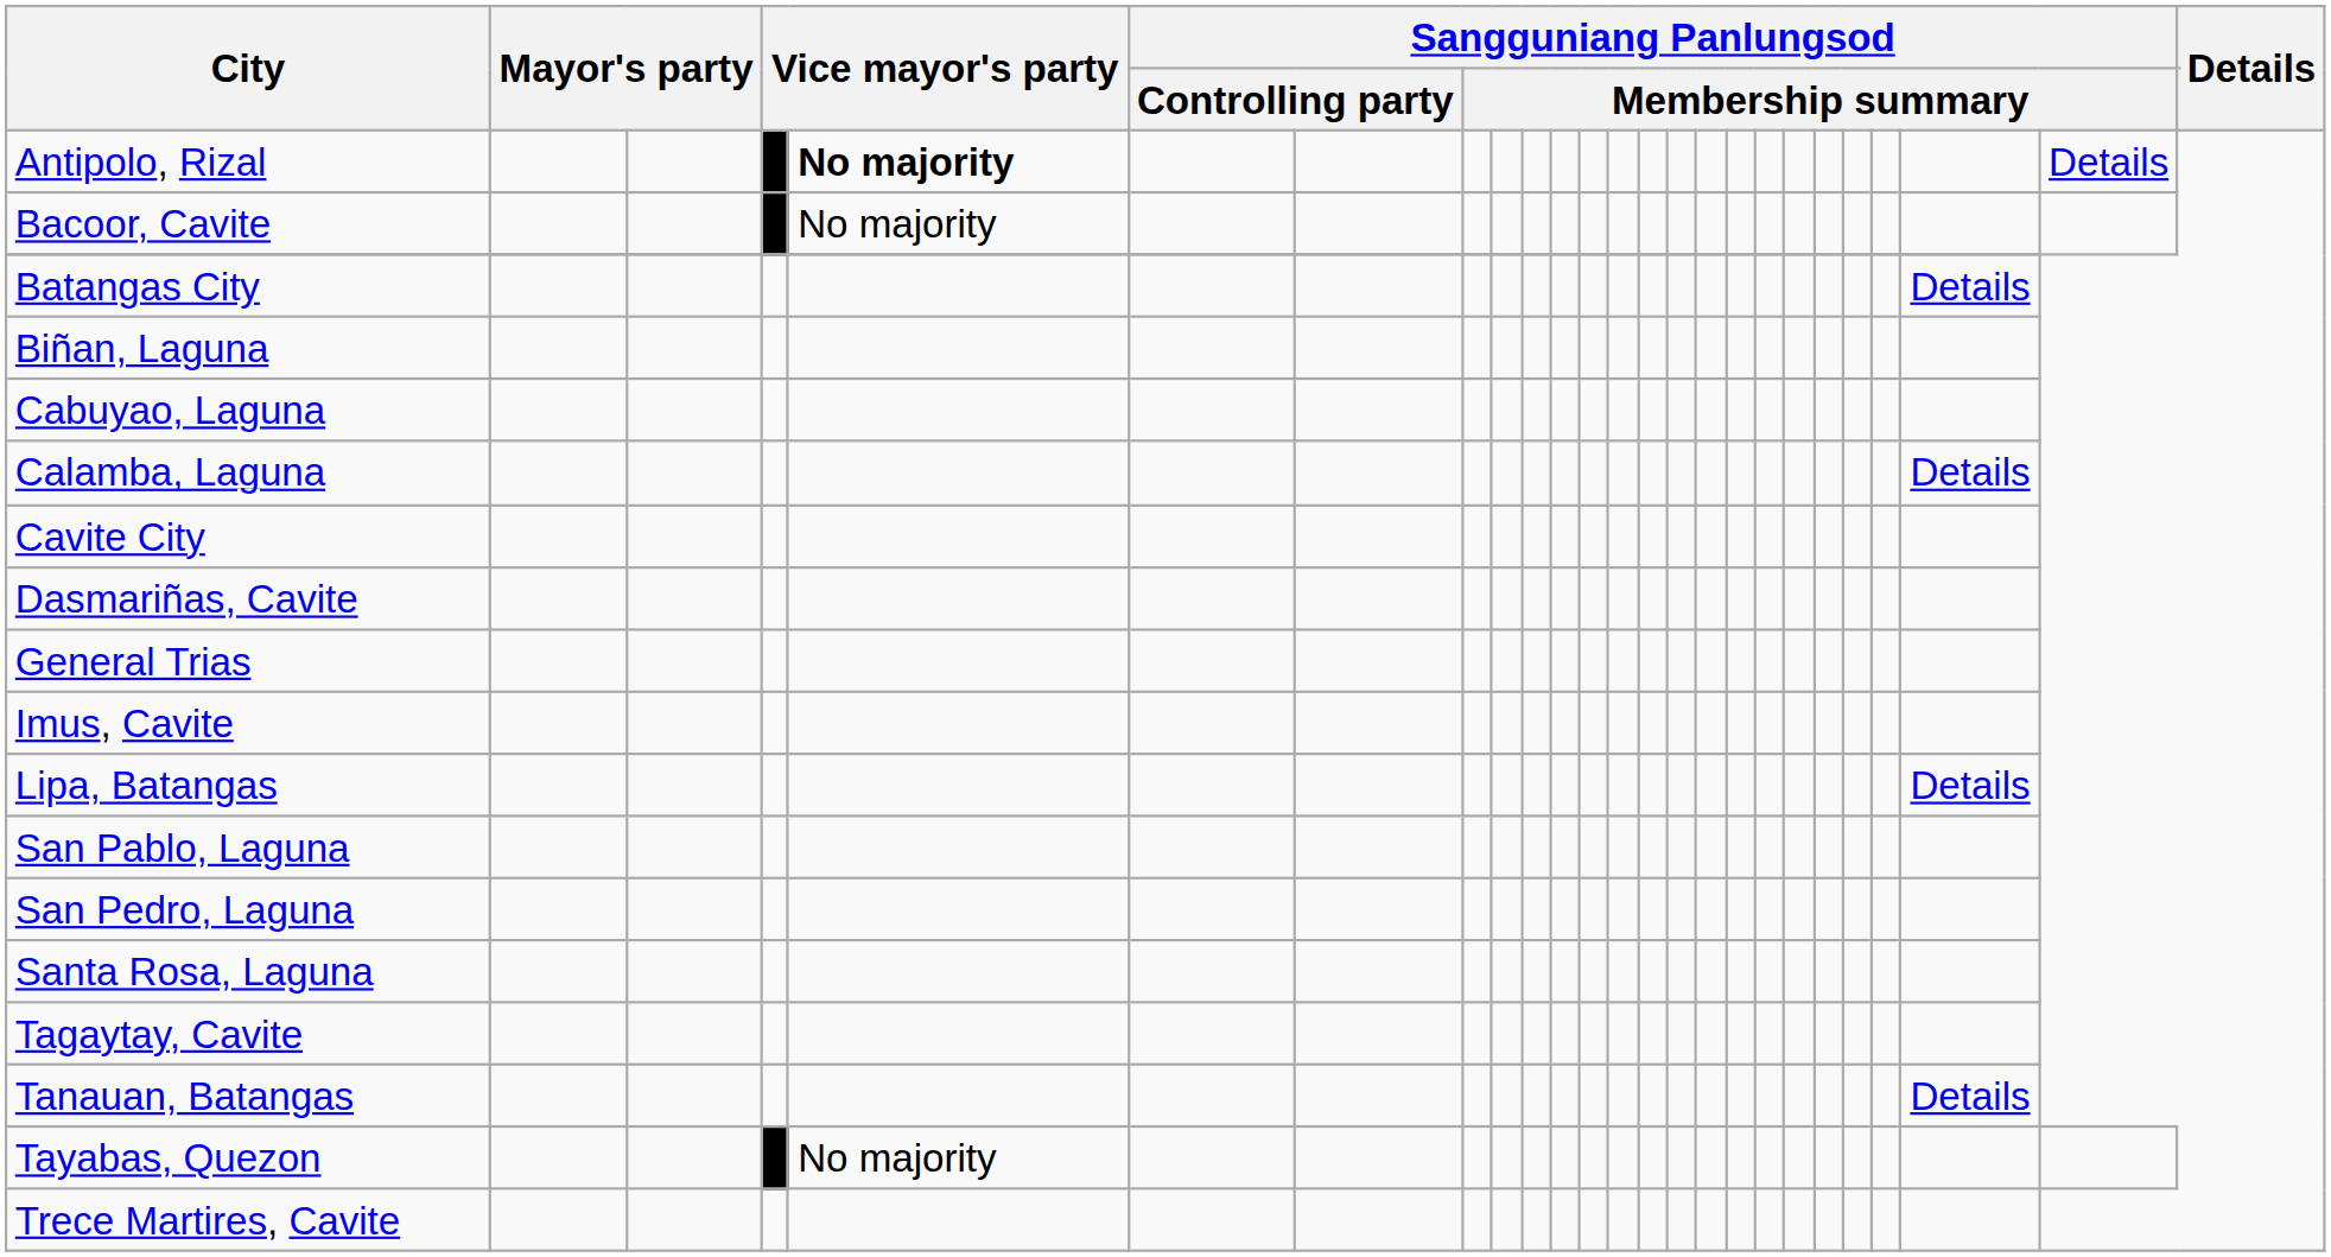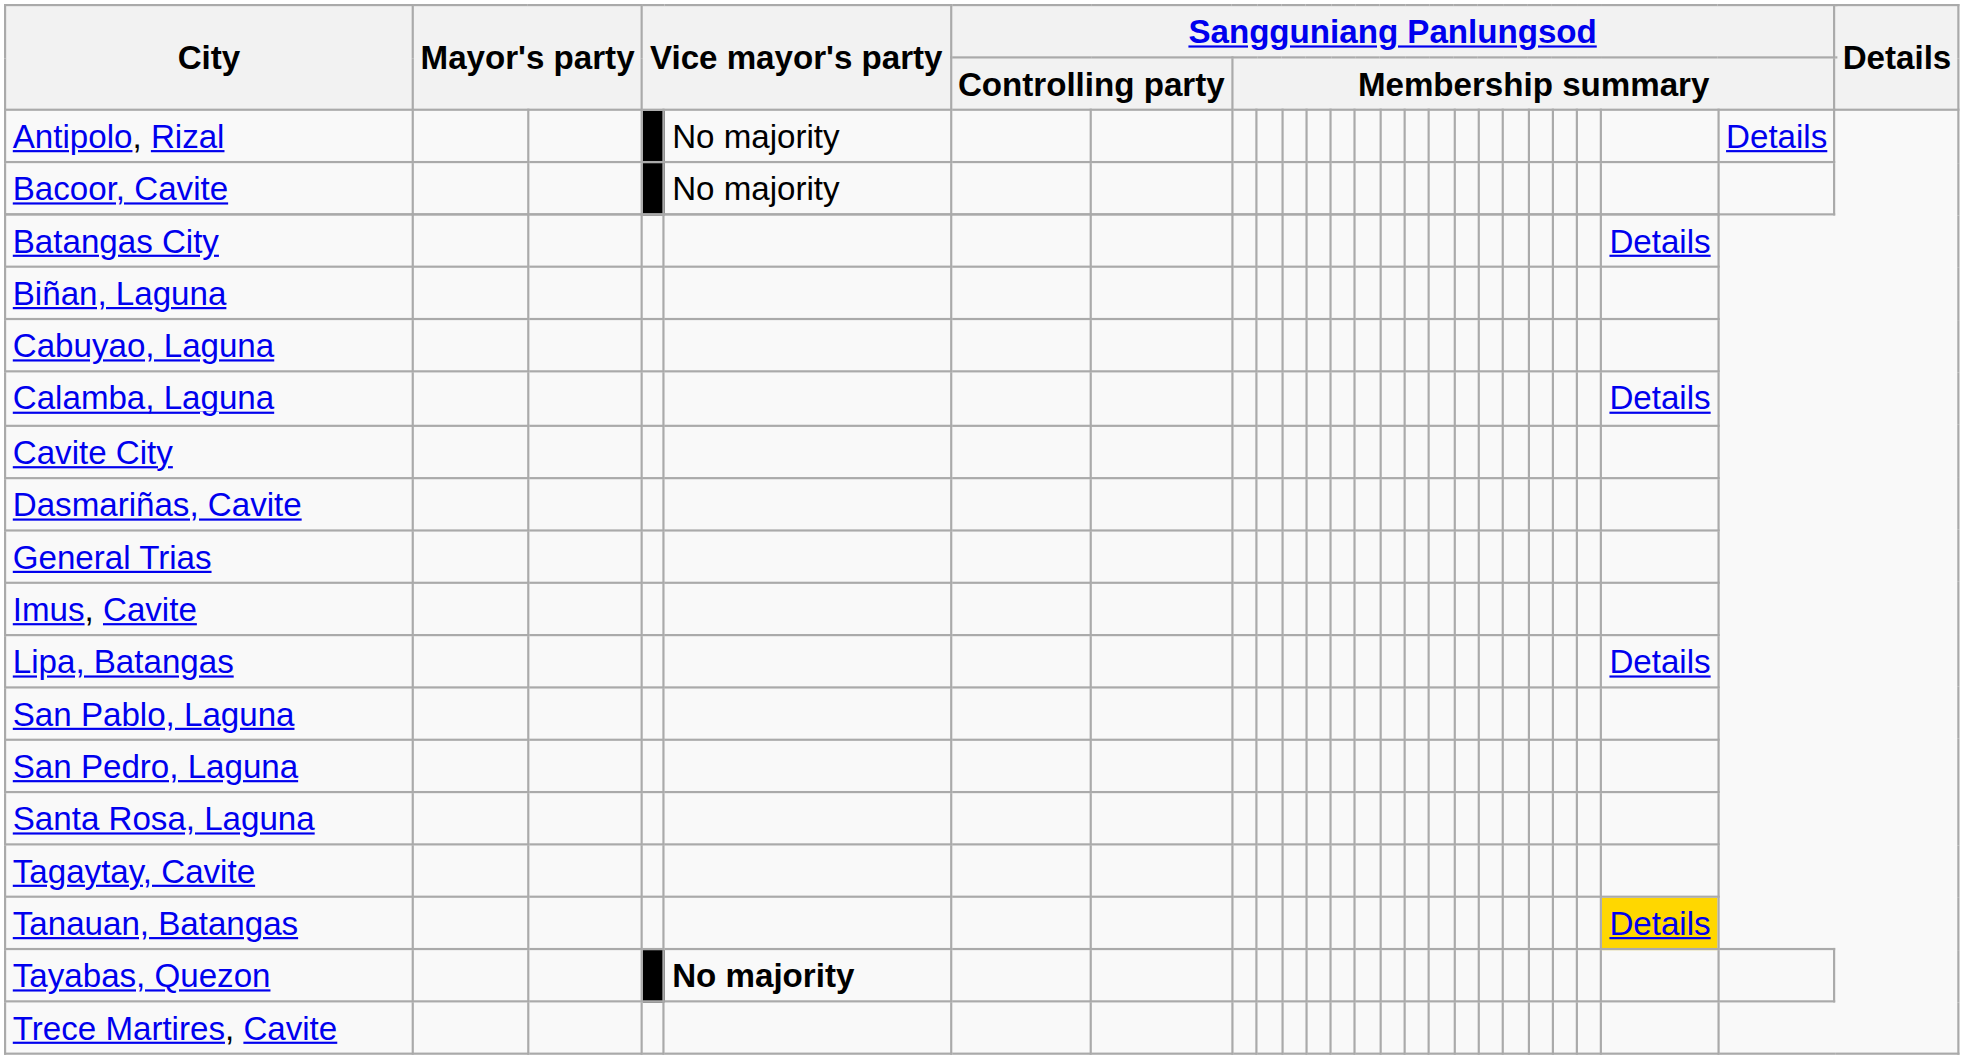 <table class="wikitable" style="font-size:95%;">
 <tr>
 <th width="180px" rowspan="2">City</th>
 <th colspan="2" rowspan="2">Mayor's party</th>
 <th colspan="2" rowspan="2">Vice mayor's party</th>
 <th colspan="20"><a href='#'>Sangguniang Panlungsod</a></th>
 <th rowspan="2">Details</th>
 </tr>
 <tr>
 <th colspan="2">Controlling party</th>
 <th colspan="18">Membership summary</th>
 </tr>
 <tr>
 <td><a href='#'>Antipolo</a>, <a href='#'>Rizal</a></td>
 <td></td>
 <td></td>
 <td bgcolor="black"></td>
-<td><strong>No majority</strong></td>
+<td>No majority</td>
 <td> </td>
 <td> </td>
 <td> </td>
 <td> </td>
 <td> </td>
 <td> </td>
 <td> </td>
 <td> </td>
 <td> </td>
 <td> </td>
 <td> </td>
 <td> </td>
 <td> </td>
 <td> </td>
 <td> </td>
 <td> </td>
 <td> </td>
 <td> </td>
 <td><a href='#'>Details</a></td>
 </tr>
 <tr>
 <td><a href='#'>Bacoor, Cavite</a></td>
 <td></td>
 <td></td>
 <td bgcolor="black"></td>
 <td>No majority</td>
 <td style="color:inherit;background:"></td>
 <td style="color:inherit;background:"></td>
 <td style="color:inherit;background:"></td>
 <td style="color:inherit;background:"></td>
 <td style="color:inherit;background:"></td>
 <td style="color:inherit;background:"></td>
 <td style="color:inherit;background:"></td>
 <td style="color:inherit;background:"></td>
 <td style="color:inherit;background:"></td>
 <td style="color:inherit;background:"></td>
 <td style="color:inherit;background:"></td>
 <td style="color:inherit;background:"></td>
 <td style="color:inherit;background:"></td>
 <td style="color:inherit;background:"></td>
 <td></td>
 <td></td>
 <td></td>
 <td></td>
 <td></td>
 </tr>
 <tr>
 </tr>
 <tr>
 <td><a href='#'>Batangas City</a></td>
 <td></td>
 <td></td>
 <td></td>
 <td style="color:inherit;background:"></td>
 <td style="color:inherit;background:"></td>
 <td style="color:inherit;background:"></td>
 <td style="color:inherit;background:"></td>
 <td style="color:inherit;background:"></td>
 <td style="color:inherit;background:"></td>
 <td style="color:inherit;background:"></td>
 <td style="color:inherit;background:"></td>
 <td style="color:inherit;background:"></td>
 <td style="color:inherit;background:"></td>
 <td style="color:inherit;background:"></td>
 <td style="color:inherit;background:"></td>
 <td style="color:inherit;background:"></td>
 <td style="color:inherit;background:"></td>
 <td></td>
 <td></td>
 <td></td>
 <td></td>
 <td><a href='#'>Details</a></td>
 </tr>
 <tr>
 <td><a href='#'>Biñan, Laguna</a></td>
 <td></td>
 <td></td>
 <td></td>
 <td style="color:inherit;background:"></td>
 <td style="color:inherit;background:"></td>
 <td style="color:inherit;background:"></td>
 <td style="color:inherit;background:"></td>
 <td style="color:inherit;background:"></td>
 <td style="color:inherit;background:"></td>
 <td style="color:inherit;background:"></td>
 <td style="color:inherit;background:"></td>
 <td style="color:inherit;background:"></td>
 <td style="color:inherit;background:"></td>
 <td style="color:inherit;background:"></td>
 <td style="color:inherit;background:"></td>
 <td style="color:inherit;background:"></td>
 <td style="color:inherit;background:"></td>
 <td></td>
 <td></td>
 <td></td>
 <td></td>
 <td></td>
 </tr>
 <tr>
 <td><a href='#'>Cabuyao, Laguna</a></td>
 <td></td>
 <td></td>
 <td></td>
 <td style="color:inherit;background:"></td>
 <td style="color:inherit;background:"></td>
 <td style="color:inherit;background:"></td>
 <td style="color:inherit;background:"></td>
 <td style="color:inherit;background:"></td>
 <td style="color:inherit;background:"></td>
 <td style="color:inherit;background:"></td>
 <td style="color:inherit;background:"></td>
 <td style="color:inherit;background:"></td>
 <td style="color:inherit;background:"></td>
 <td style="color:inherit;background:"></td>
 <td style="color:inherit;background:"></td>
 <td></td>
 <td></td>
 <td></td>
 <td></td>
 <td></td>
 <td></td>
 <td></td>
 </tr>
 <tr>
 <td><a href='#'>Calamba, Laguna</a></td>
 <td></td>
 <td></td>
 <td></td>
 <td style="color:inherit;background:"></td>
 <td style="color:inherit;background:"></td>
 <td style="color:inherit;background:"></td>
 <td style="color:inherit;background:"></td>
 <td style="color:inherit;background:"></td>
 <td style="color:inherit;background:"></td>
 <td style="color:inherit;background:"></td>
 <td style="color:inherit;background:"></td>
 <td style="color:inherit;background:"></td>
 <td style="color:inherit;background:"></td>
 <td style="color:inherit;background:"></td>
 <td style="color:inherit;background:"></td>
 <td style="color:inherit;background:"></td>
 <td style="color:inherit;background:"></td>
 <td></td>
 <td></td>
 <td></td>
 <td></td>
 <td><a href='#'>Details</a></td>
 </tr>
 <tr>
 <td><a href='#'>Cavite City</a></td>
 <td></td>
 <td></td>
 <td></td>
 <td style="color:inherit;background:"></td>
 <td style="color:inherit;background:"></td>
 <td style="color:inherit;background:"></td>
 <td style="color:inherit;background:"></td>
 <td style="color:inherit;background:"></td>
 <td style="color:inherit;background:"></td>
 <td style="color:inherit;background:"></td>
 <td style="color:inherit;background:"></td>
 <td style="color:inherit;background:"></td>
 <td style="color:inherit;background:"></td>
 <td style="color:inherit;background:"></td>
 <td style="color:inherit;background:"></td>
 <td></td>
 <td></td>
 <td></td>
 <td></td>
 <td></td>
 <td></td>
 <td></td>
 </tr>
 <tr>
 <td><a href='#'>Dasmariñas, Cavite</a></td>
 <td></td>
 <td></td>
 <td></td>
 <td style="color:inherit;background:"></td>
 <td style="color:inherit;background:"></td>
 <td style="color:inherit;background:"></td>
 <td style="color:inherit;background:"></td>
 <td style="color:inherit;background:"></td>
 <td style="color:inherit;background:"></td>
 <td style="color:inherit;background:"></td>
 <td style="color:inherit;background:"></td>
 <td style="color:inherit;background:"></td>
 <td style="color:inherit;background:"></td>
 <td style="color:inherit;background:"></td>
 <td style="color:inherit;background:"></td>
 <td style="color:inherit;background:"></td>
 <td style="color:inherit;background:"></td>
 <td></td>
 <td></td>
 <td></td>
 <td></td>
 <td></td>
 </tr>
 <tr>
 <td><a href='#'>General Trias</a></td>
 <td></td>
 <td></td>
 <td></td>
 <td style="color:inherit;background:"></td>
 <td style="color:inherit;background:"></td>
 <td style="color:inherit;background:"></td>
 <td style="color:inherit;background:"></td>
 <td style="color:inherit;background:"></td>
 <td style="color:inherit;background:"></td>
 <td style="color:inherit;background:"></td>
 <td style="color:inherit;background:"></td>
 <td style="color:inherit;background:"></td>
 <td style="color:inherit;background:"></td>
 <td style="color:inherit;background:"></td>
 <td style="color:inherit;background:"></td>
 <td style="color:inherit;background:"></td>
 <td style="color:inherit;background:"></td>
 <td></td>
 <td></td>
 <td></td>
 <td></td>
 <td></td>
 </tr>
 <tr>
 <td><a href='#'>Imus</a>, <a href='#'>Cavite</a></td>
 <td></td>
 <td></td>
 <td></td>
 <td style="color:inherit;background:"></td>
 <td style="color:inherit;background:"></td>
 <td style="color:inherit;background:"></td>
 <td style="color:inherit;background:"></td>
 <td style="color:inherit;background:"></td>
 <td style="color:inherit;background:"></td>
 <td style="color:inherit;background:"></td>
 <td style="color:inherit;background:"></td>
 <td style="color:inherit;background:"></td>
 <td style="color:inherit;background:"></td>
 <td style="color:inherit;background:"></td>
 <td style="color:inherit;background:"></td>
 <td style="color:inherit;background:"></td>
 <td style="color:inherit;background:"></td>
 <td></td>
 <td></td>
 <td></td>
 <td></td>
 <td></td>
 </tr>
 <tr>
 <td><a href='#'>Lipa, Batangas</a></td>
 <td></td>
 <td></td>
 <td></td>
 <td style="color:inherit;background:"></td>
 <td style="color:inherit;background:"></td>
 <td style="color:inherit;background:"></td>
 <td style="color:inherit;background:"></td>
 <td style="color:inherit;background:"></td>
 <td style="color:inherit;background:"></td>
 <td style="color:inherit;background:"></td>
 <td style="color:inherit;background:"></td>
 <td style="color:inherit;background:"></td>
 <td style="color:inherit;background:"></td>
 <td style="color:inherit;background:"></td>
 <td style="color:inherit;background:"></td>
 <td style="color:inherit;background:"></td>
 <td style="color:inherit;background:"></td>
 <td></td>
 <td></td>
 <td></td>
 <td></td>
 <td><a href='#'>Details</a></td>
 </tr>
 <tr>
 <td><a href='#'>San Pablo, Laguna</a></td>
 <td></td>
 <td></td>
 <td></td>
 <td style="color:inherit;background:"></td>
 <td style="color:inherit;background:"></td>
 <td style="color:inherit;background:"></td>
 <td style="color:inherit;background:"></td>
 <td style="color:inherit;background:"></td>
 <td style="color:inherit;background:"></td>
 <td style="color:inherit;background:"></td>
 <td style="color:inherit;background:"></td>
 <td style="color:inherit;background:"></td>
 <td style="color:inherit;background:"></td>
 <td style="color:inherit;background:"></td>
 <td style="color:inherit;background:"></td>
 <td></td>
 <td></td>
 <td></td>
 <td></td>
 <td></td>
 <td></td>
 <td></td>
 </tr>
 <tr>
 <td><a href='#'>San Pedro, Laguna</a></td>
 <td></td>
 <td></td>
 <td></td>
 <td style="color:inherit;background:"></td>
 <td style="color:inherit;background:"></td>
 <td style="color:inherit;background:"></td>
 <td style="color:inherit;background:"></td>
 <td style="color:inherit;background:"></td>
 <td style="color:inherit;background:"></td>
 <td style="color:inherit;background:"></td>
 <td style="color:inherit;background:"></td>
 <td style="color:inherit;background:"></td>
 <td style="color:inherit;background:"></td>
 <td style="color:inherit;background:"></td>
 <td style="color:inherit;background:"></td>
 <td></td>
 <td></td>
 <td></td>
 <td></td>
 <td></td>
 <td></td>
 <td></td>
 </tr>
 <tr>
 <td><a href='#'>Santa Rosa, Laguna</a></td>
 <td></td>
 <td></td>
 <td></td>
 <td style="color:inherit;background:"></td>
 <td style="color:inherit;background:"></td>
 <td style="color:inherit;background:"></td>
 <td style="color:inherit;background:"></td>
 <td style="color:inherit;background:"></td>
 <td style="color:inherit;background:"></td>
 <td style="color:inherit;background:"></td>
 <td style="color:inherit;background:"></td>
 <td style="color:inherit;background:"></td>
 <td style="color:inherit;background:"></td>
 <td style="color:inherit;background:"></td>
 <td style="color:inherit;background:"></td>
 <td></td>
 <td></td>
 <td></td>
 <td></td>
 <td></td>
 <td></td>
 <td></td>
 </tr>
 <tr>
 <td><a href='#'>Tagaytay, Cavite</a></td>
 <td></td>
 <td></td>
 <td></td>
 <td style="color:inherit;background:"></td>
 <td style="color:inherit;background:"></td>
 <td style="color:inherit;background:"></td>
 <td style="color:inherit;background:"></td>
 <td style="color:inherit;background:"></td>
 <td style="color:inherit;background:"></td>
 <td style="color:inherit;background:"></td>
 <td style="color:inherit;background:"></td>
 <td style="color:inherit;background:"></td>
 <td style="color:inherit;background:"></td>
 <td style="color:inherit;background:"></td>
 <td style="color:inherit;background:"></td>
 <td></td>
 <td></td>
 <td></td>
 <td></td>
 <td></td>
 <td></td>
 <td></td>
 </tr>
 <tr>
 <td><a href='#'>Tanauan, Batangas</a></td>
 <td></td>
 <td></td>
 <td></td>
 <td style="color:inherit;background:"></td>
 <td style="color:inherit;background:"></td>
 <td style="color:inherit;background:"></td>
 <td style="color:inherit;background:"></td>
 <td style="color:inherit;background:"></td>
 <td style="color:inherit;background:"></td>
 <td style="color:inherit;background:"></td>
 <td style="color:inherit;background:"></td>
 <td style="color:inherit;background:"></td>
 <td style="color:inherit;background:"></td>
 <td style="color:inherit;background:"></td>
 <td style="color:inherit;background:"></td>
 <td></td>
 <td></td>
 <td></td>
 <td></td>
 <td></td>
 <td></td>
-<td><a href='#'>Details</a></td>
+<td style="background: gold;"><a href='#'>Details</a></td>
 </tr>
 <tr>
 <td><a href='#'>Tayabas, Quezon</a></td>
 <td></td>
 <td></td>
 <td bgcolor="black"></td>
-<td>No majority</td>
+<td><strong>No majority</strong></td>
 <td style="color:inherit;background:"></td>
 <td style="color:inherit;background:"></td>
 <td style="color:inherit;background:"></td>
 <td style="color:inherit;background:"></td>
 <td style="color:inherit;background:"></td>
 <td style="color:inherit;background:"></td>
 <td style="color:inherit;background:"></td>
 <td style="color:inherit;background:"></td>
 <td style="color:inherit;background:"></td>
 <td style="color:inherit;background:"></td>
 <td style="color:inherit;background:"></td>
 <td style="color:inherit;background:"></td>
 <td></td>
 <td></td>
 <td></td>
 <td></td>
 <td></td>
 <td></td>
 <td></td>
 </tr>
 <tr>
 <td><a href='#'>Trece Martires</a>, <a href='#'>Cavite</a></td>
 <td></td>
 <td></td>
 <td></td>
 <td style="color:inherit;background:"></td>
 <td style="color:inherit;background:"></td>
 <td style="color:inherit;background:"></td>
 <td style="color:inherit;background:"></td>
 <td style="color:inherit;background:"></td>
 <td style="color:inherit;background:"></td>
 <td style="color:inherit;background:"></td>
 <td style="color:inherit;background:"></td>
 <td style="color:inherit;background:"></td>
 <td style="color:inherit;background:"></td>
 <td style="color:inherit;background:"></td>
 <td style="color:inherit;background:"></td>
 <td></td>
 <td></td>
 <td></td>
 <td></td>
 <td></td>
 <td></td>
 <td></td>
 </tr>
 </table>
